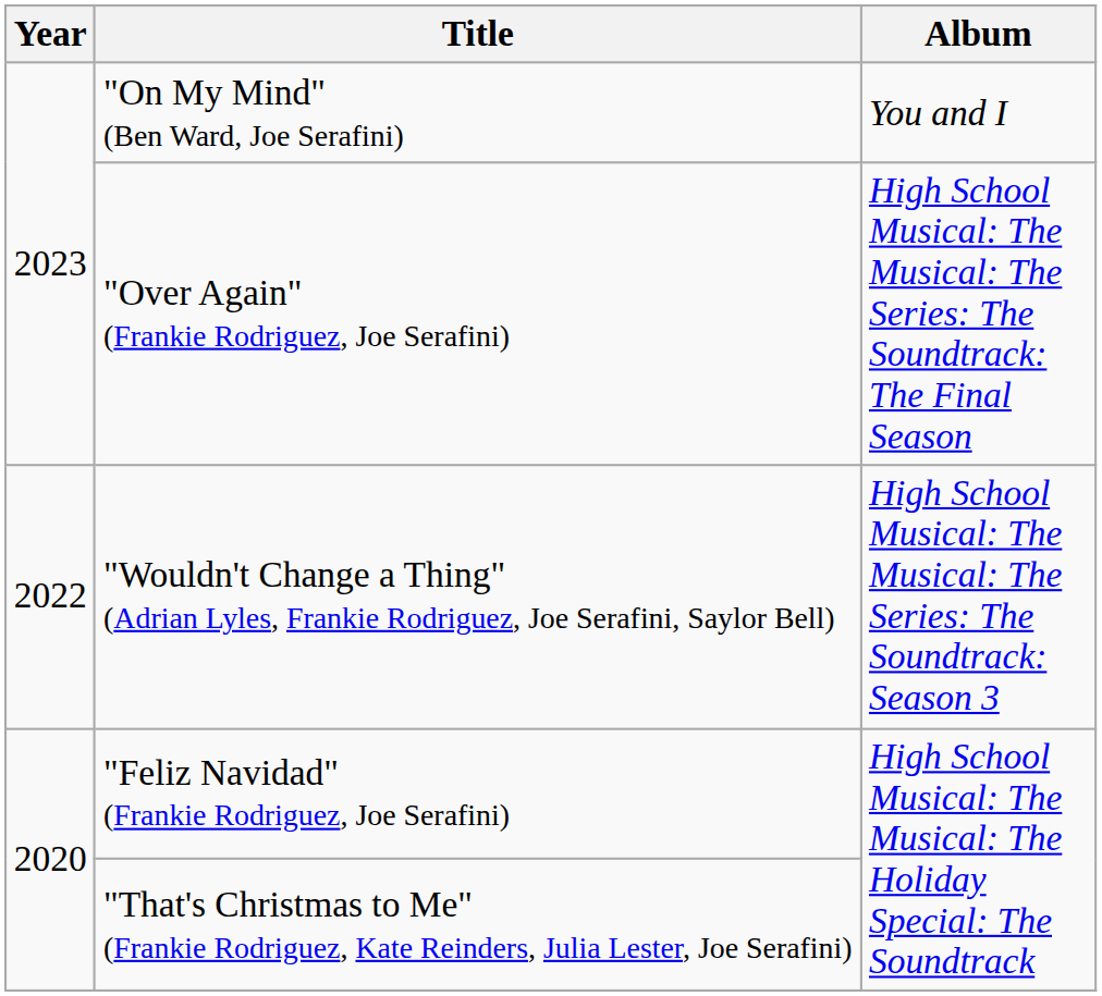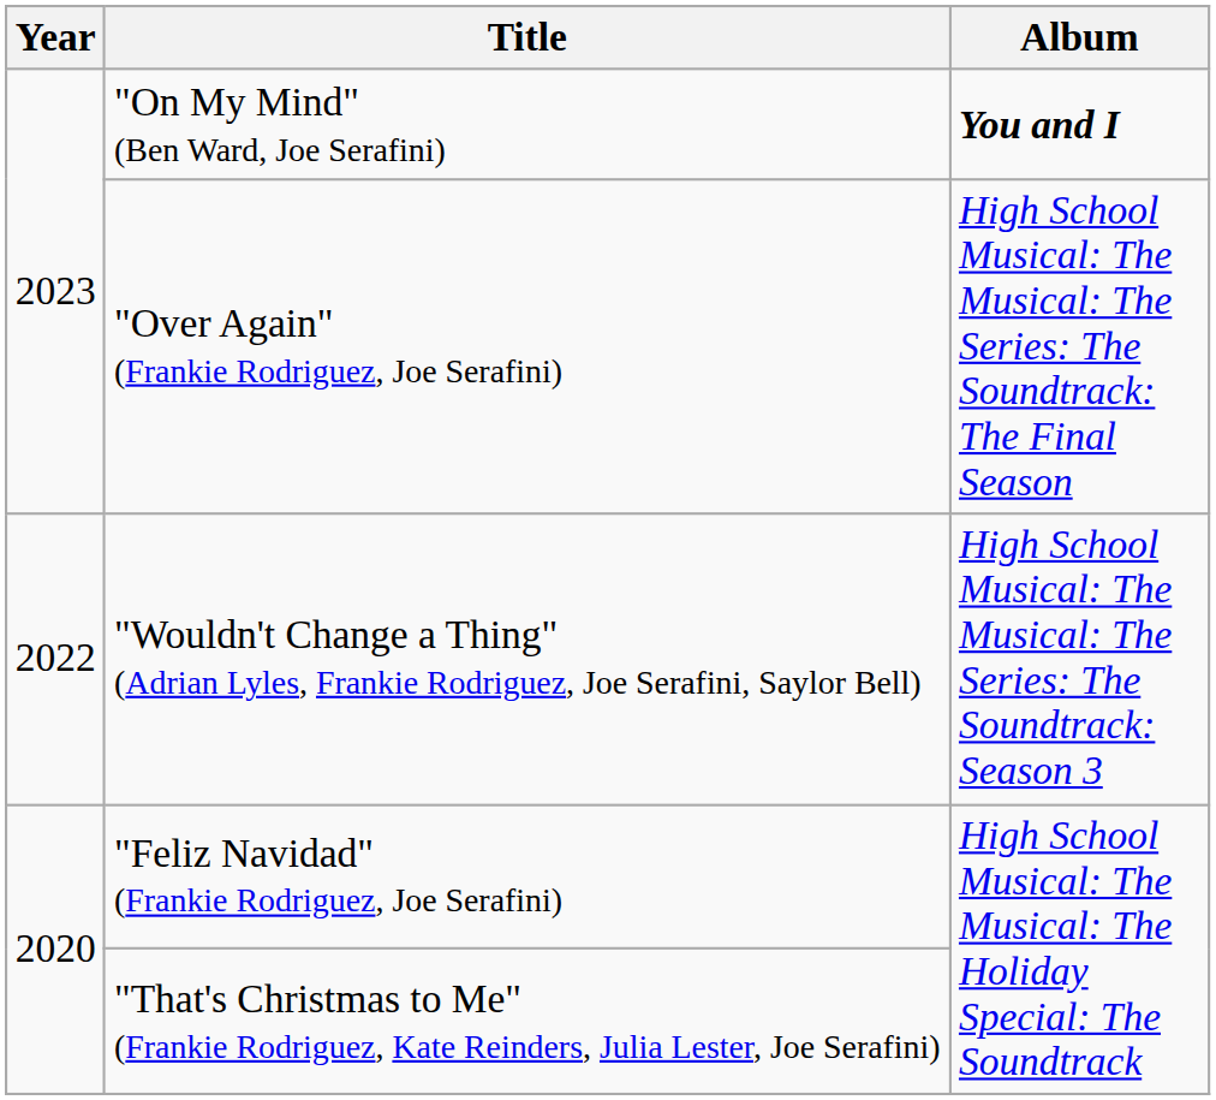 <table class="wikitable plainrowheaders sortable" style="text-align:left;">
 <tr>
 <th scope="col"  style="width:2em;">Year</th>
 <th scope="col">Title</th>
 <th scope="col"  style="width:6em;">Album</th>
 </tr>
 <tr>
 <td rowspan="2">2023</td>
 <td>"On My Mind" <br><small>(Ben Ward, Joe Serafini)</small></td>
-<td><em>You and I</em></td>
+<td><strong><em>You and I</em></strong></td>
 </tr>
 <tr>
 <td>"Over Again" <br><small>(<a href='#'>Frankie Rodriguez</a>, Joe Serafini)</small></td>
 <td><em><a href='#'>High School Musical: The Musical: The Series: The Soundtrack: The Final Season</a></em></td>
 </tr>
 <tr>
 <td>2022</td>
 <td>"Wouldn't Change a Thing" <br><small>(<a href='#'>Adrian Lyles</a>, <a href='#'>Frankie Rodriguez</a>, Joe Serafini, Saylor Bell)</small></td>
 <td><em><a href='#'>High School Musical: The Musical: The Series: The Soundtrack: Season 3</a></em></td>
 </tr>
 <tr>
 <td rowspan="2">2020</td>
 <td>"Feliz Navidad" <br><small>(<a href='#'>Frankie Rodriguez</a>, Joe Serafini)</small></td>
 <td rowspan="2"><em><a href='#'>High School Musical: The Musical: The Holiday Special: The Soundtrack</a></em></td>
 </tr>
 <tr>
 <td>"That's Christmas to Me" <br><small>(<a href='#'>Frankie Rodriguez</a>, <a href='#'>Kate Reinders</a>, <a href='#'>Julia Lester</a>, Joe Serafini)</small></td>
 </tr>
 <tr>
 </tr>
 </table>
